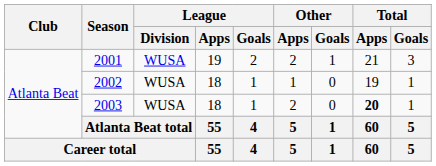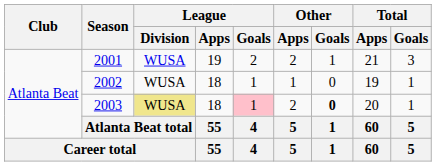 <table class="wikitable" style="text-align: center;">
 <tr>
 <th rowspan=2>Club</th>
 <th rowspan=2>Season</th>
 <th colspan=3>League</th>
 <th colspan=2>Other</th>
 <th colspan=2>Total</th>
 </tr>
 <tr>
 <th>Division</th>
 <th>Apps</th>
 <th>Goals</th>
 <th>Apps</th>
 <th>Goals</th>
 <th>Apps</th>
 <th>Goals</th>
 </tr>
 <tr>
 <td rowspan=4><a href='#'>Atlanta Beat</a></td>
 <td><a href='#'>2001</a></td>
 <td><a href='#'>WUSA</a></td>
 <td>19</td>
 <td>2</td>
 <td>2</td>
 <td>1</td>
 <td>21</td>
 <td>3</td>
 </tr>
 <tr>
 <td><a href='#'>2002</a></td>
 <td>WUSA</td>
 <td>18</td>
 <td>1</td>
 <td>1</td>
 <td>0</td>
 <td>19</td>
 <td>1</td>
 </tr>
 <tr>
 <td><a href='#'>2003</a></td>
-<td>WUSA</td>
+<td style="background: khaki;">WUSA</td>
 <td>18</td>
-<td>1</td>
+<td style="background: pink;">1</td>
 <td>2</td>
-<td>0</td>
-<td><strong>20</strong></td>
+<td><strong>0</strong></td>
+<td>20</td>
 <td>1</td>
 </tr>
 <tr>
 <th colspan=2>Atlanta Beat total</th>
 <th>55</th>
 <th>4</th>
 <th>5</th>
 <th>1</th>
 <th>60</th>
 <th>5</th>
 </tr>
 <tr>
 <th colspan=3>Career total</th>
 <th>55</th>
 <th>4</th>
 <th>5</th>
 <th>1</th>
 <th>60</th>
 <th>5</th>
 </tr>
 </table>
